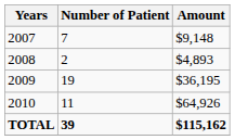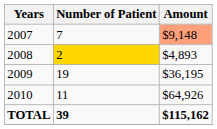 <table class="wikitable">
 <tr>
 <th>Years</th>
 <th>Number of Patient</th>
 <th>Amount</th>
 </tr>
 <tr>
 <td>2007</td>
 <td>7</td>
-<td>$9,148</td>
+<td style="background: lightsalmon;">$9,148</td>
 </tr>
 <tr>
 <td>2008</td>
-<td>2</td>
+<td style="background: gold;">2</td>
 <td>$4,893</td>
 </tr>
 <tr>
 <td>2009</td>
 <td>19</td>
 <td>$36,195</td>
 </tr>
 <tr>
 <td>2010</td>
 <td>11</td>
 <td>$64,926</td>
 </tr>
 <tr>
 <td><strong>TOTAL</strong></td>
 <td><strong>39</strong></td>
 <td><strong>$115,162</strong></td>
 </tr>
 <tr>
 </tr>
 </table>
